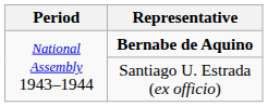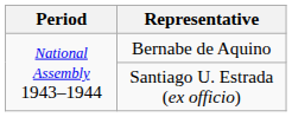 <table class="wikitable" style="text-align:center; width:40%;">
 <tr>
 <th width="40%">Period</th>
 <th>Representative</th>
 </tr>
 <tr>
 <td rowspan="2"><small><a href='#'><em>National Assembly</em></a></small><br>1943–1944</td>
-<td><strong>Bernabe de Aquino</strong></td>
+<td>Bernabe de Aquino</td>
 </tr>
 <tr>
 <td>Santiago U. Estrada (<em>ex officio</em>)</td>
 </tr>
 </table>
